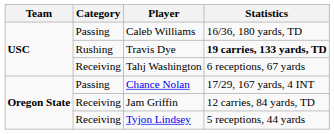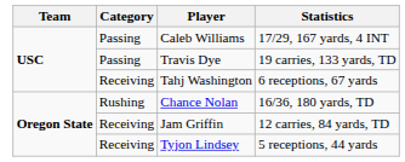 <table class="wikitable" style="float: right;">
 <tr>
 <th>Team</th>
 <th>Category</th>
 <th>Player</th>
 <th>Statistics</th>
 </tr>
 <tr>
 <td rowspan=3><strong>USC</strong></td>
 <td>Passing</td>
 <td>Caleb Williams</td>
-<td>16/36, 180 yards, TD</td>
+<td>17/29, 167 yards, 4 INT</td>
 </tr>
 <tr>
-<td>Rushing</td>
+<td>Passing</td>
 <td>Travis Dye</td>
-<td><strong>19 carries, 133 yards, TD</strong></td>
+<td>19 carries, 133 yards, TD</td>
 </tr>
 <tr>
 <td>Receiving</td>
 <td>Tahj Washington</td>
 <td>6 receptions, 67 yards</td>
 </tr>
 <tr>
 <td rowspan=3><strong>Oregon State</strong></td>
-<td>Passing</td>
+<td>Rushing</td>
 <td><a href='#'>Chance Nolan</a></td>
-<td>17/29, 167 yards, 4 INT</td>
+<td>16/36, 180 yards, TD</td>
 </tr>
 <tr>
 <td>Receiving</td>
 <td>Jam Griffin</td>
 <td>12 carries, 84 yards, TD</td>
 </tr>
 <tr>
 <td>Receiving</td>
 <td><a href='#'>Tyjon Lindsey</a></td>
 <td>5 receptions, 44 yards</td>
 </tr>
 </table>
